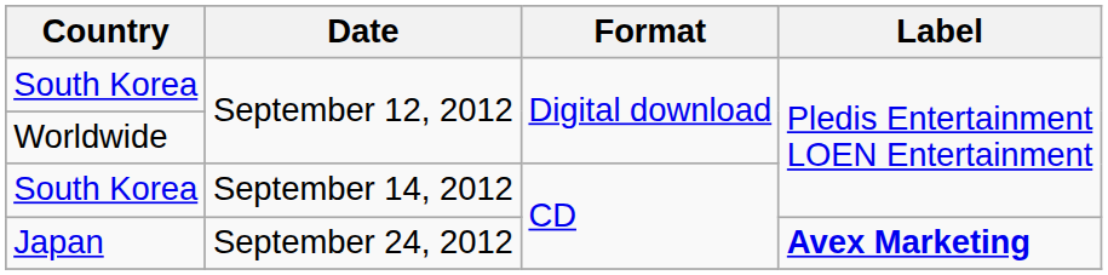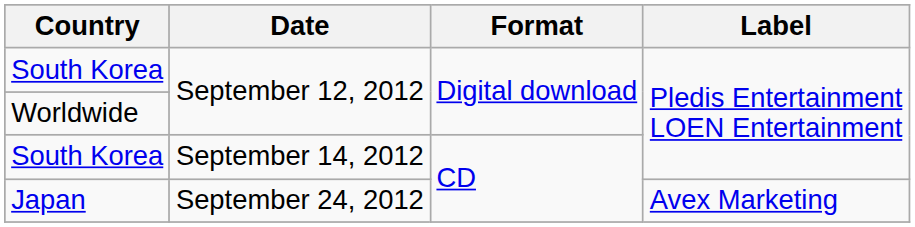 <table class="wikitable plainrowheaders">
 <tr>
 <th scope="col">Country</th>
 <th>Date</th>
 <th>Format</th>
 <th>Label</th>
 </tr>
 <tr>
 <td rowspan="1"><a href='#'>South Korea</a></td>
 <td rowspan="2">September 12, 2012</td>
 <td rowspan="2"><a href='#'>Digital download</a></td>
 <td rowspan="3"><a href='#'>Pledis Entertainment</a><br><a href='#'>LOEN Entertainment</a></td>
 </tr>
 <tr>
 <td rowspan="1">Worldwide</td>
 </tr>
 <tr>
 <td rowspan="1"><a href='#'>South Korea</a></td>
 <td>September 14, 2012</td>
 <td rowspan="2"><a href='#'>CD</a></td>
 </tr>
 <tr>
 <td rowspan="1"><a href='#'>Japan</a></td>
 <td>September 24, 2012</td>
-<td><strong><a href='#'>Avex Marketing</a></strong></td>
+<td><a href='#'>Avex Marketing</a></td>
 </tr>
 </table>
